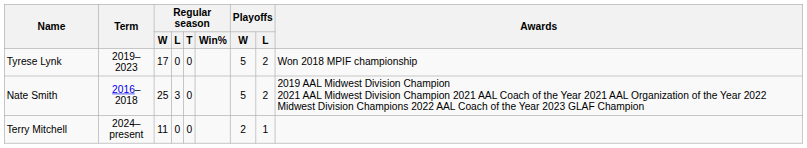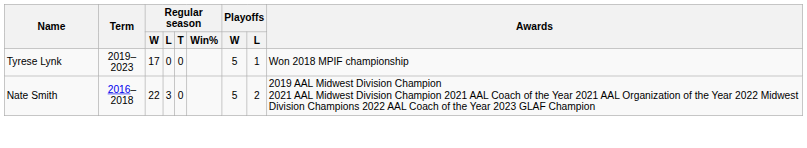 <table class="wikitable" style="text-align:center">
 <tr>
 <th rowspan="2" style="width:140px;">Name</th>
 <th rowspan="2">Term</th>
 <th colspan="4">Regular season</th>
 <th colspan="2">Playoffs</th>
 <th rowspan="2">Awards</th>
 </tr>
 <tr>
 <th>W</th>
 <th>L</th>
 <th>T</th>
 <th>Win%</th>
 <th>W</th>
 <th>L</th>
 </tr>
 <tr>
 <td align=left>Tyrese Lynk</td>
 <td>2019–2023</td>
 <td>17</td>
 <td>0</td>
 <td>0</td>
 <td></td>
 <td>5</td>
-<td>2</td>
+<td>1</td>
 <td align=left>Won 2018 MPIF championship</td>
 </tr>
 <tr>
 <td align=left>Nate Smith</td>
 <td><a href='#'>2016</a>–2018</td>
-<td>25</td>
+<td>22</td>
 <td>3</td>
 <td>0</td>
 <td></td>
 <td>5</td>
 <td>2</td>
 <td align="left">2019 AAL Midwest Division Champion<br>2021 AAL Midwest Division Champion 2021 AAL Coach of the Year 2021 AAL Organization of the Year 2022 Midwest Division Champions 2022 AAL Coach of the Year 2023 GLAF Champion</td>
 </tr>
-<tr>
-<td align=left>Terry Mitchell</td>
-<td>2024–present</td>
-<td>11</td>
-<td>0</td>
-<td>0</td>
-<td></td>
-<td>2</td>
-<td>1</td>
-<td></td>
-</tr>
 </table>
